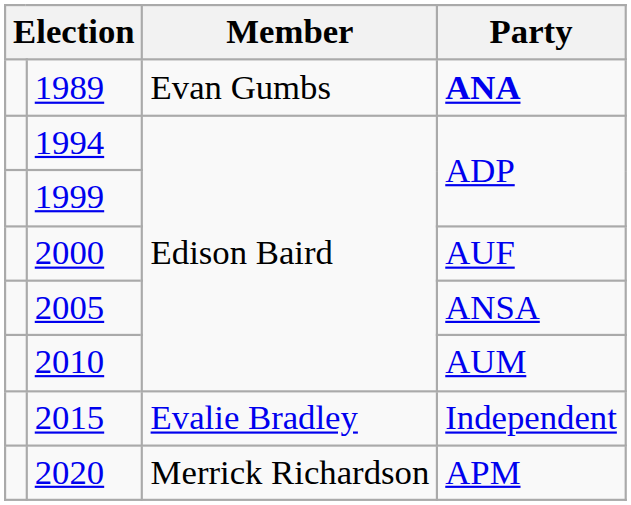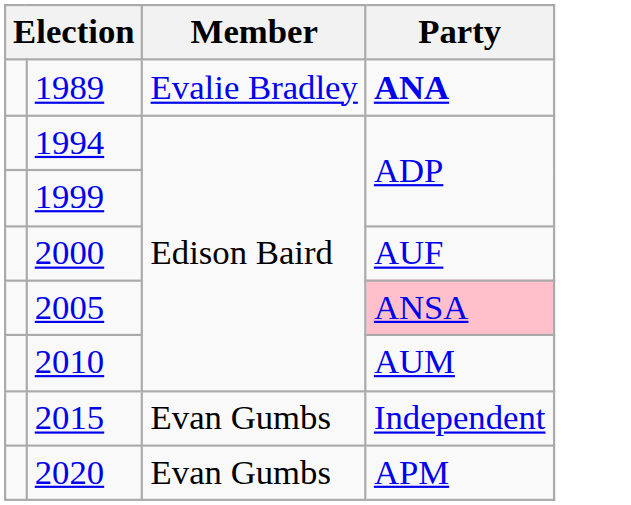 <table class="wikitable">
 <tr>
 <th colspan=2>Election</th>
 <th>Member</th>
 <th>Party</th>
 </tr>
 <tr>
 <td style="background-color: "></td>
 <td><a href='#'>1989</a></td>
-<td>Evan Gumbs</td>
+<td><a href='#'>Evalie Bradley</a></td>
 <td><strong><a href='#'>ANA</a></strong></td>
 </tr>
 <tr>
 <td style="background-color: "></td>
 <td><a href='#'>1994</a></td>
 <td rowspan="5">Edison Baird</td>
 <td rowspan="2"><a href='#'>ADP</a></td>
 </tr>
 <tr>
 <td style="background-color: "></td>
 <td><a href='#'>1999</a></td>
 </tr>
 <tr>
 <td style="background-color: "></td>
 <td><a href='#'>2000</a></td>
 <td><a href='#'>AUF</a></td>
 </tr>
 <tr>
 <td style="background-color: "></td>
 <td><a href='#'>2005</a></td>
-<td><a href='#'>ANSA</a></td>
+<td style="background: pink;"><a href='#'>ANSA</a></td>
 </tr>
 <tr>
 <td style="background-color: "></td>
 <td><a href='#'>2010</a></td>
 <td><a href='#'>AUM</a></td>
 </tr>
 <tr>
 <td style="background-color: "></td>
 <td><a href='#'>2015</a></td>
-<td><a href='#'>Evalie Bradley</a></td>
+<td>Evan Gumbs</td>
 <td><a href='#'>Independent</a></td>
 </tr>
 <tr>
 <td style="background-color: "></td>
 <td><a href='#'>2020</a></td>
-<td>Merrick Richardson</td>
+<td>Evan Gumbs</td>
 <td><a href='#'>APM</a></td>
 </tr>
 </table>
